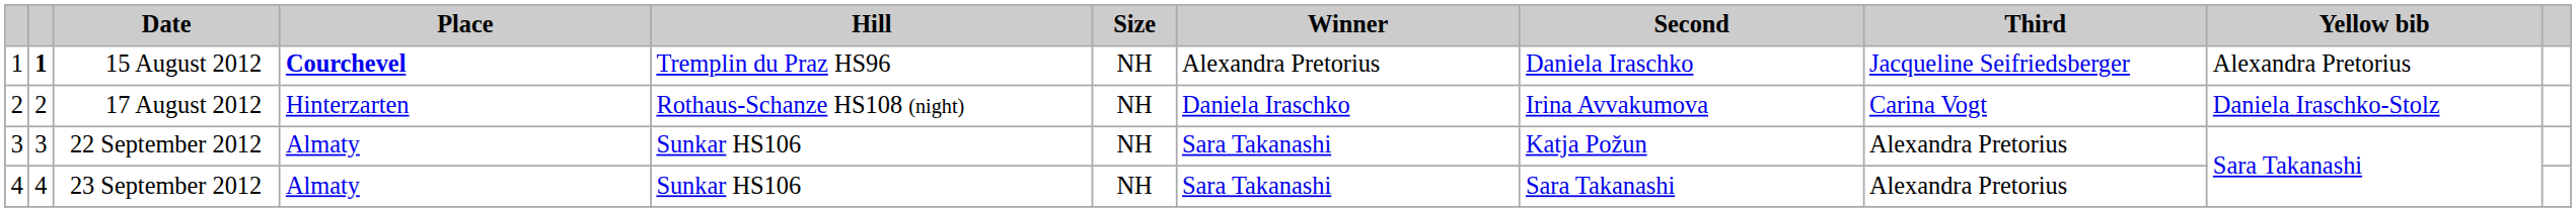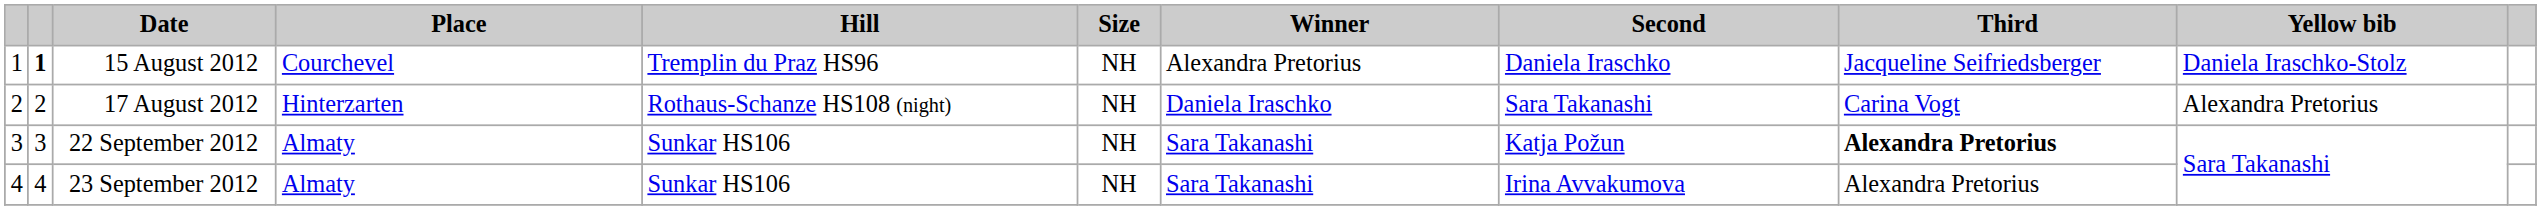 <table class="wikitable plainrowheaders" style="background:#fff; font-size:86%; line-height:16px; border:grey solid 1px; border-collapse:collapse;">
 <tr style="background:#ccc; text-align:center;">
 <th scope="col" style="background:#ccc; width=20 px;"></th>
 <th scope="col" style="background:#ccc; width=30 px;"></th>
 <th scope="col" style="background:#ccc; width:120px;">Date</th>
 <th scope="col" style="background:#ccc; width:200px;">Place</th>
 <th scope="col" style="background:#ccc; width:240px;">Hill</th>
 <th scope="col" style="background:#ccc; width:40px;">Size</th>
 <th scope="col" style="background:#ccc; width:185px;">Winner</th>
 <th scope="col" style="background:#ccc; width:185px;">Second</th>
 <th scope="col" style="background:#ccc; width:185px;">Third</th>
 <th scope="col" style="background:#ccc; width:180px;">Yellow bib</th>
 <th scope="col" style="background:#ccc; width:10px;"></th>
 </tr>
 <tr>
 <td align=center>1</td>
 <td align=center><strong>1</strong></td>
 <td align=right>15 August 2012  </td>
-<td><strong> <a href='#'>Courchevel</a></strong></td>
+<td> <a href='#'>Courchevel</a></td>
 <td><a href='#'>Tremplin du Praz</a> HS96</td>
 <td align=center>NH</td>
 <td> Alexandra Pretorius</td>
 <td> <a href='#'>Daniela Iraschko</a></td>
 <td> <a href='#'>Jacqueline Seifriedsberger</a></td>
-<td> Alexandra Pretorius</td>
+<td> <a href='#'>Daniela Iraschko-Stolz</a></td>
 <td></td>
 </tr>
 <tr>
 <td align=center>2</td>
 <td align=center>2</td>
 <td align=right>17 August 2012  </td>
 <td> <a href='#'>Hinterzarten</a></td>
 <td><a href='#'>Rothaus-Schanze</a> HS108 <small>(night)</small></td>
 <td align=center>NH</td>
 <td> <a href='#'>Daniela Iraschko</a></td>
-<td> <a href='#'>Irina Avvakumova</a></td>
+<td> <a href='#'>Sara Takanashi</a></td>
 <td> <a href='#'>Carina Vogt</a></td>
-<td> <a href='#'>Daniela Iraschko-Stolz</a></td>
+<td> Alexandra Pretorius</td>
 <td></td>
 </tr>
 <tr>
 <td align=center>3</td>
 <td align=center>3</td>
 <td align=right>22 September 2012  </td>
 <td> <a href='#'>Almaty</a></td>
 <td><a href='#'>Sunkar</a> HS106</td>
 <td align=center>NH</td>
 <td> <a href='#'>Sara Takanashi</a></td>
 <td> <a href='#'>Katja Požun</a></td>
-<td> Alexandra Pretorius</td>
+<td><strong> Alexandra Pretorius</strong></td>
 <td rowspan=2> <a href='#'>Sara Takanashi</a></td>
 <td></td>
 </tr>
 <tr>
 <td align=center>4</td>
 <td align=center>4</td>
 <td align=right>23 September 2012  </td>
 <td> <a href='#'>Almaty</a></td>
 <td><a href='#'>Sunkar</a> HS106</td>
 <td align=center>NH</td>
 <td> <a href='#'>Sara Takanashi</a></td>
-<td> <a href='#'>Sara Takanashi</a></td>
+<td> <a href='#'>Irina Avvakumova</a></td>
 <td> Alexandra Pretorius</td>
 <td></td>
 </tr>
 </table>
